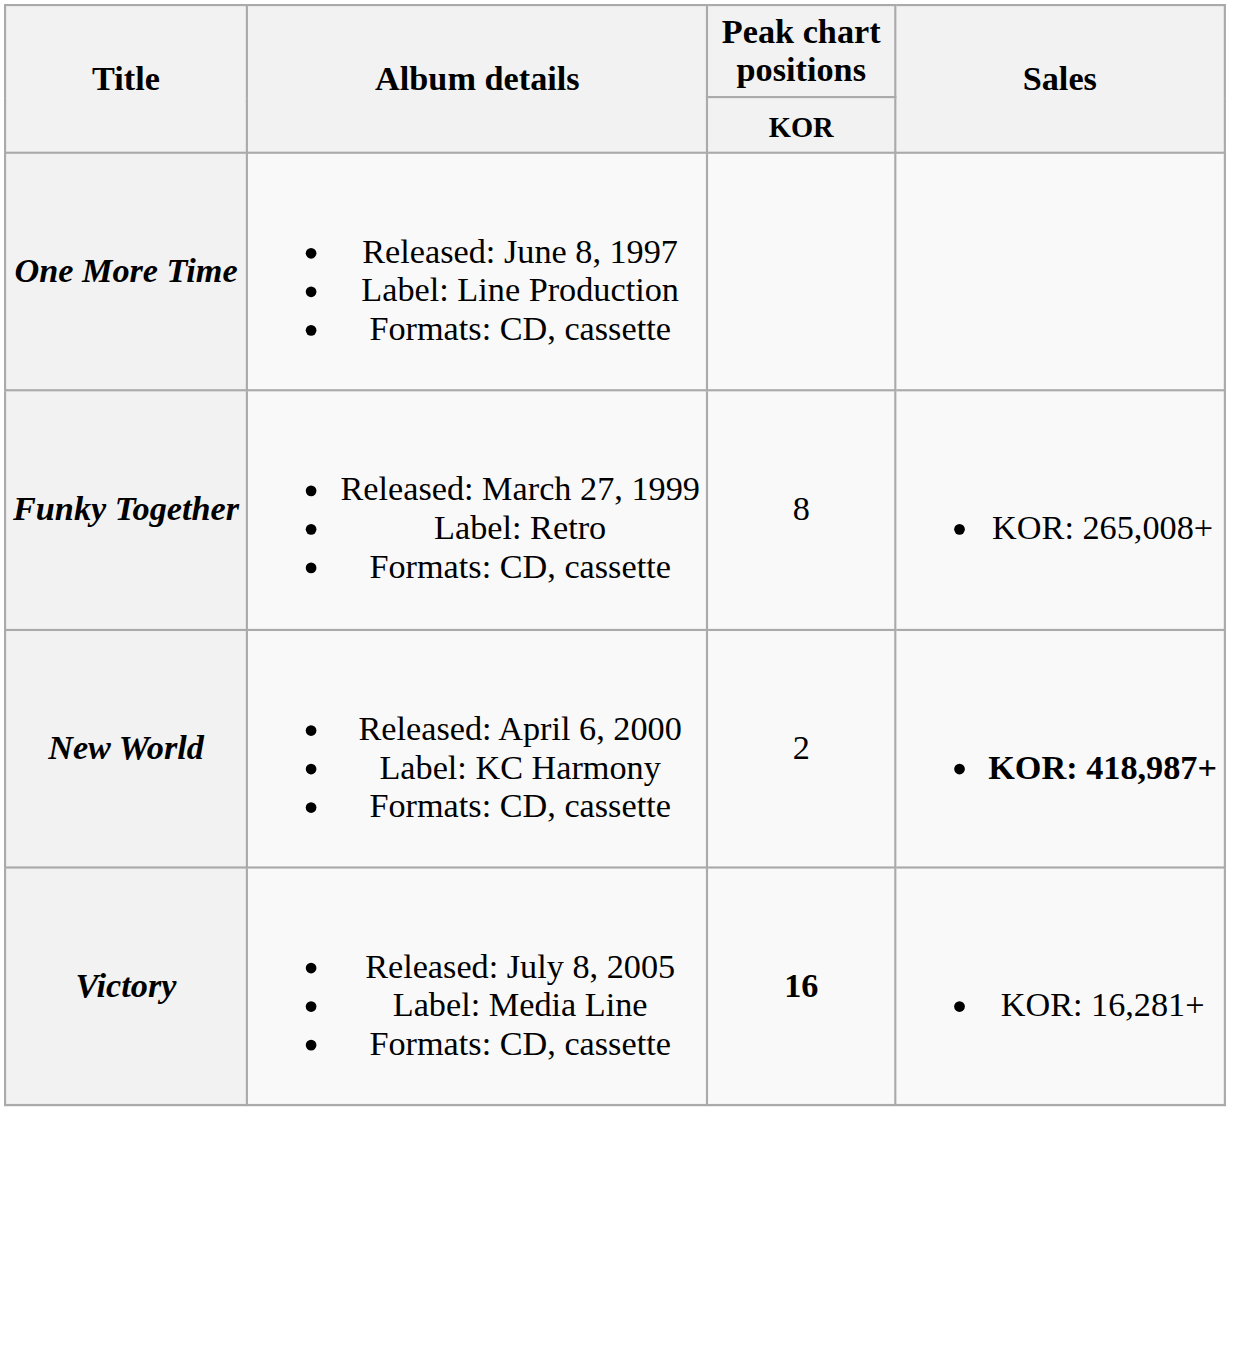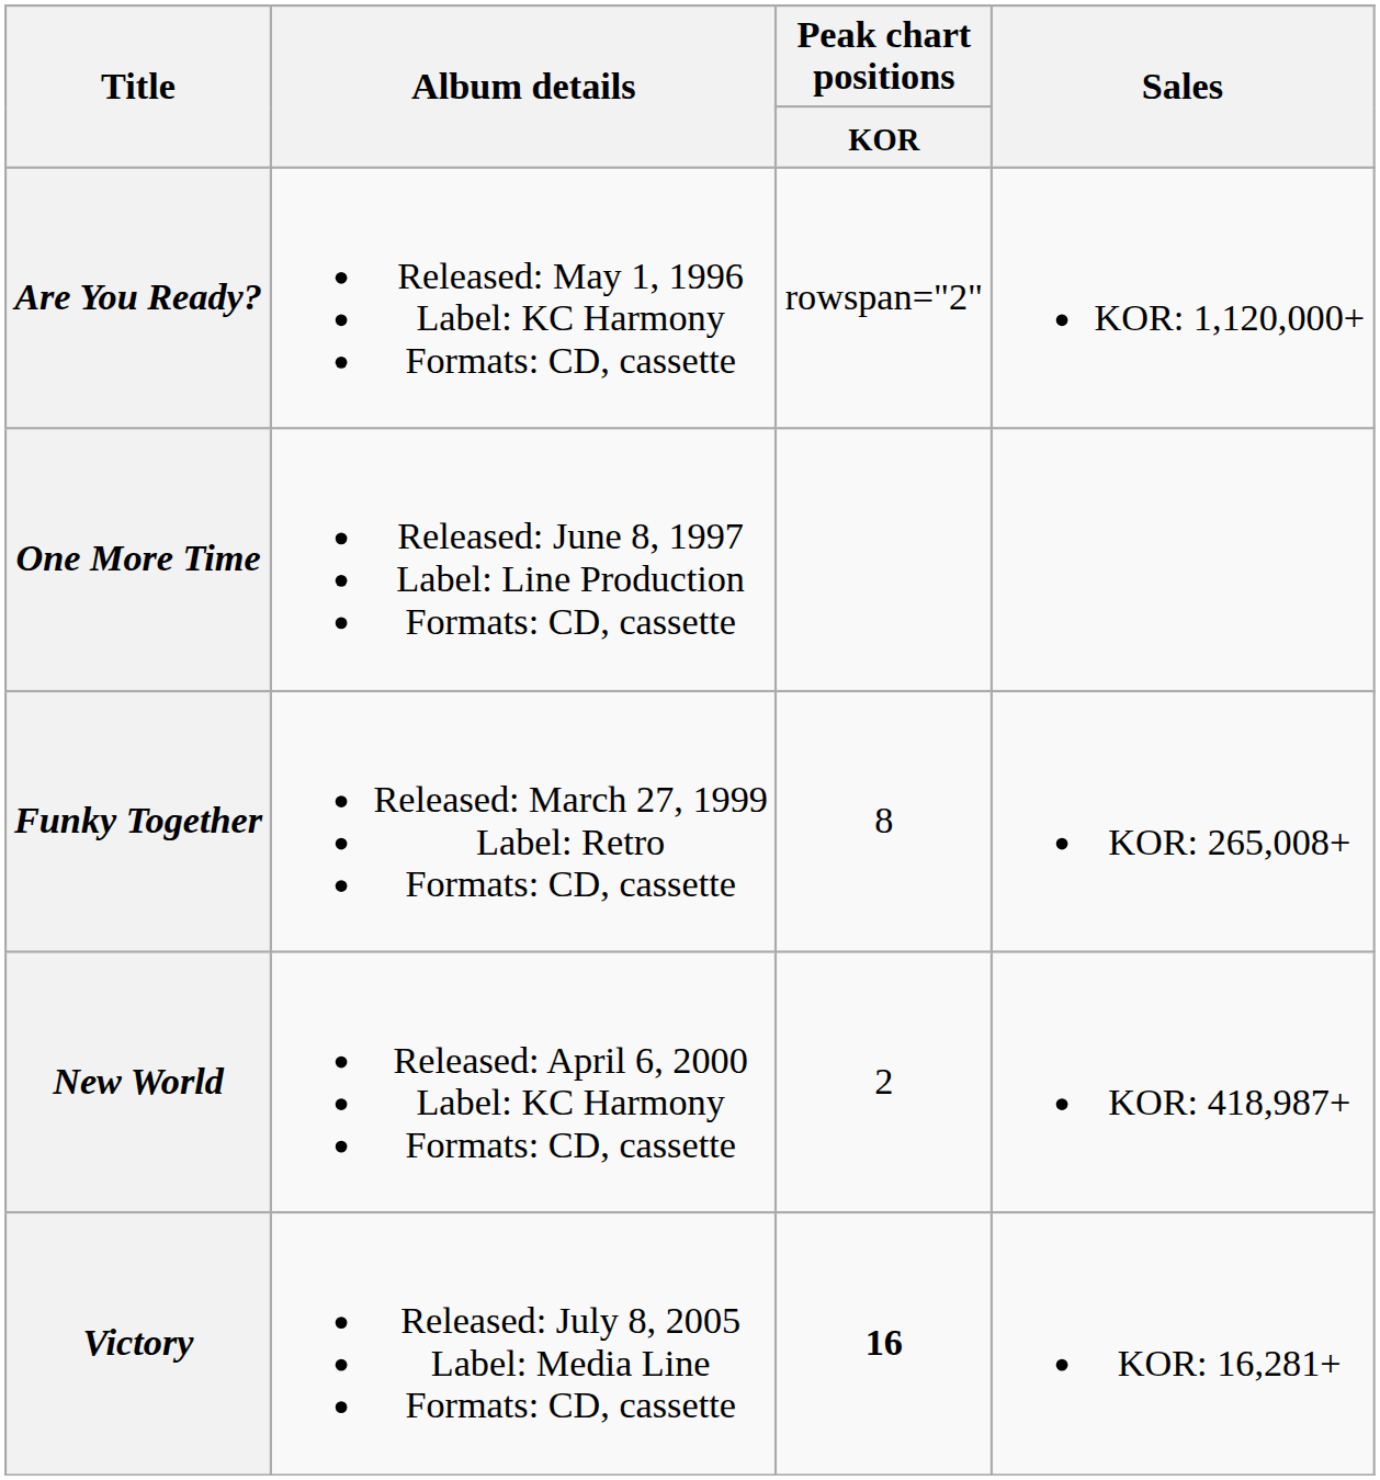 <table class="wikitable plainrowheaders" style="text-align:center;">
 <tr>
 <th scope="col" rowspan="2">Title</th>
 <th scope="col" rowspan="2">Album details</th>
 <th scope="col" colspan="1" style="width:5em;">Peak chart positions</th>
 <th scope="col" rowspan="2">Sales</th>
 </tr>
 <tr>
 <th><small>KOR</small><br></th>
+</tr>
+<tr>
+<th scope="row"><em>Are You Ready?</em></th>
+<td><br><ul><li>Released: May 1, 1996</li><li>Label: KC Harmony</li><li>Formats: CD, cassette</li></ul></td>
+<td>rowspan="2" </td>
+<td><br><ul><li>KOR: 1,120,000+</li></ul></td>
 </tr>
 <tr>
 <th scope="row"><em>One More Time</em></th>
 <td><br><ul><li>Released: June 8, 1997</li><li>Label: Line Production</li><li>Formats: CD, cassette</li></ul></td>
 <td></td>
 </tr>
 <tr>
 <th scope="row"><em>Funky Together</em></th>
 <td><br><ul><li>Released: March 27, 1999</li><li>Label: Retro</li><li>Formats: CD, cassette</li></ul></td>
 <td>8</td>
 <td><br><ul><li>KOR: 265,008+</li></ul></td>
 </tr>
 <tr>
 <th scope="row"><em>New World</em></th>
 <td><br><ul><li>Released: April 6, 2000</li><li>Label: KC Harmony</li><li>Formats: CD, cassette</li></ul></td>
 <td>2</td>
-<td><strong><br><ul><li>KOR: 418,987+</li></ul></strong></td>
+<td><br><ul><li>KOR: 418,987+</li></ul></td>
 </tr>
 <tr>
 <th scope="row"><em>Victory</em></th>
 <td><br><ul><li>Released: July 8, 2005</li><li>Label: Media Line</li><li>Formats: CD, cassette</li></ul></td>
 <td><strong>16</strong></td>
 <td><br><ul><li>KOR: 16,281+</li></ul></td>
 </tr>
 <tr>
 </tr>
 </table>
